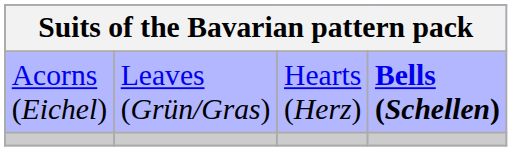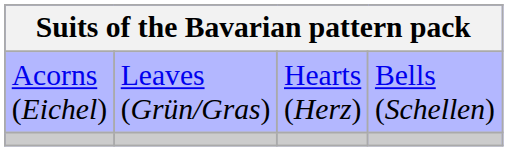 <table class="wikitable" style ="background: #B3B7FF">
 <tr>
 <th colspan="4">Suits of the Bavarian pattern pack</th>
 </tr>
 <tr>
 <td><a href='#'>Acorns</a><br>(<em>Eichel</em>)</td>
 <td><a href='#'>Leaves</a><br>(<em>Grün/Gras</em>)</td>
 <td><a href='#'>Hearts</a><br>(<em>Herz</em>)</td>
-<td><strong><a href='#'>Bells</a><br>(<em>Schellen</em>)</strong></td>
+<td><a href='#'>Bells</a><br>(<em>Schellen</em>)</td>
 </tr>
 <tr style ="background: #cccccc">
 <td></td>
 <td></td>
 <td></td>
 <td></td>
 </tr>
 </table>
